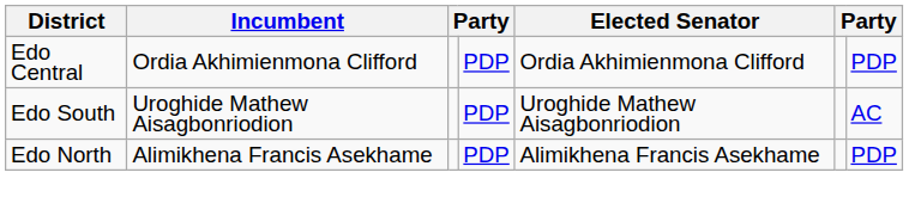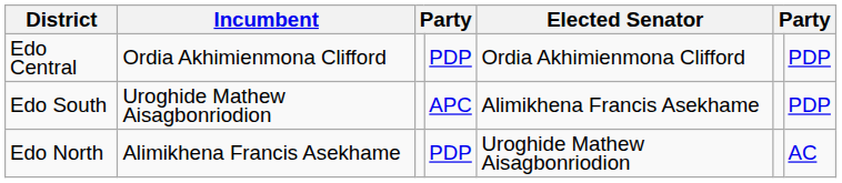 <table class="sortable wikitable" style="font-size:95%;line-height:14px;">
 <tr>
 <th class="unsortable">District</th>
 <th class="unsortable"><a href='#'>Incumbent</a></th>
 <th colspan="2">Party</th>
 <th class="unsortable">Elected Senator</th>
 <th colspan="2">Party</th>
 </tr>
 <tr>
 <td>Edo Central</td>
 <td>Ordia Akhimienmona Clifford</td>
 <td style="background-color:"></td>
 <td><a href='#'>PDP</a></td>
 <td>Ordia Akhimienmona Clifford</td>
 <td style="background:"></td>
 <td><a href='#'>PDP</a></td>
 </tr>
 <tr>
 <td>Edo South</td>
 <td>Uroghide Mathew Aisagbonriodion</td>
 <td style="background:"></td>
+<td><a href='#'>APC</a></td>
+<td>Alimikhena Francis Asekhame</td>
+<td style="background:"></td>
 <td><a href='#'>PDP</a></td>
-<td>Uroghide Mathew Aisagbonriodion</td>
-<td style="background:"></td>
-<td><a href='#'>AC</a></td>
 </tr>
 <tr>
 <td>Edo North</td>
 <td>Alimikhena Francis Asekhame</td>
 <td style="background:"></td>
 <td><a href='#'>PDP</a></td>
-<td>Alimikhena Francis Asekhame</td>
+<td>Uroghide Mathew Aisagbonriodion</td>
 <td style="background:"></td>
-<td><a href='#'>PDP</a></td>
+<td><a href='#'>AC</a></td>
 </tr>
 </table>
